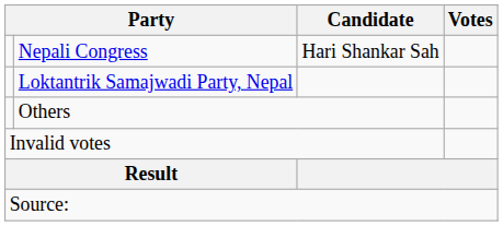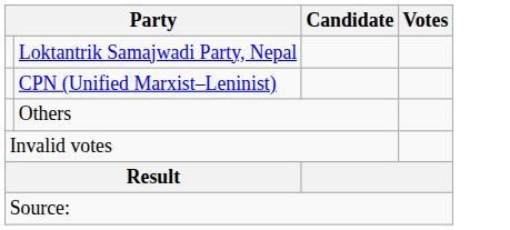 <table class="wikitable">
 <tr>
 <th colspan="2">Party</th>
 <th>Candidate</th>
 <th>Votes</th>
 </tr>
 <tr>
 <td style="background-color:"></td>
-<td><a href='#'>Nepali Congress</a></td>
-<td>Hari Shankar Sah</td>
+<td><a href='#'>Loktantrik Samajwadi Party, Nepal</a></td>
+<td></td>
 <td></td>
 </tr>
 <tr>
 <td style="background-color:"></td>
-<td><a href='#'>Loktantrik Samajwadi Party, Nepal</a></td>
+<td><a href='#'>CPN (Unified Marxist–Leninist)</a></td>
 <td></td>
 <td></td>
 </tr>
 <tr>
 <td></td>
 <td colspan="2">Others</td>
 <td></td>
 </tr>
 <tr>
 <td colspan="3">Invalid votes</td>
 <td></td>
 </tr>
 <tr>
 <th colspan="2">Result</th>
 <th colspan="2"></th>
 </tr>
 <tr>
 <td colspan="4">Source: </td>
 </tr>
 </table>
